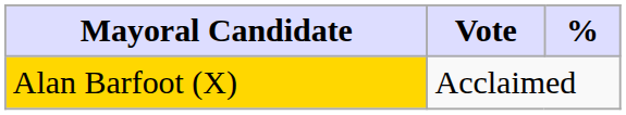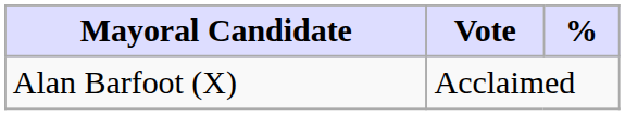 <table class="wikitable">
 <tr>
 <th style="background:#ddf; width:200px;">Mayoral Candidate </th>
 <th style="background:#ddf; width:50px;">Vote</th>
 <th style="background:#ddf; width:30px;">%</th>
 </tr>
 <tr>
-<td style="background: gold;">Alan Barfoot (X)</td>
+<td>Alan Barfoot (X)</td>
 <td colspan="2">Acclaimed</td>
 </tr>
 </table>
